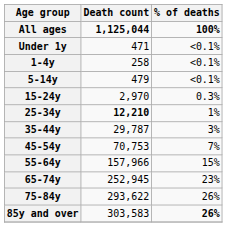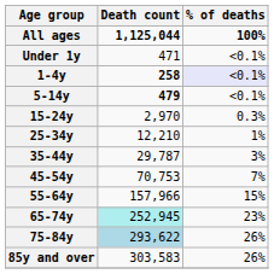 <table class="wikitable" style="text-align:right; font-size:90%">
 <tr>
 <th>Age group</th>
 <th>Death count</th>
 <th>% of deaths</th>
 </tr>
 <tr style="font-weight:bold;">
 <th>All ages</th>
 <td>1,125,044</td>
 <td>100%</td>
 </tr>
 <tr>
 <th>Under 1y</th>
 <td>471</td>
 <td><0.1%</td>
 </tr>
 <tr>
 <th>1-4y</th>
-<td>258</td>
-<td><0.1%</td>
+<td><strong>258</strong></td>
+<td style="background: lavender;"><0.1%</td>
 </tr>
 <tr>
 <th>5-14y</th>
-<td>479</td>
+<td><strong>479</strong></td>
 <td><0.1%</td>
 </tr>
 <tr>
 <th>15-24y</th>
 <td>2,970</td>
 <td>0.3%</td>
 </tr>
 <tr>
 <th>25-34y</th>
-<td><strong>12,210</strong></td>
+<td>12,210</td>
 <td>1%</td>
 </tr>
 <tr>
 <th>35-44y</th>
 <td>29,787</td>
 <td>3%</td>
 </tr>
 <tr>
 <th>45-54y</th>
 <td>70,753</td>
 <td>7%</td>
 </tr>
 <tr>
 <th>55-64y</th>
 <td>157,966</td>
 <td>15%</td>
 </tr>
 <tr>
 <th>65-74y</th>
-<td>252,945</td>
+<td style="background: paleturquoise;">252,945</td>
 <td>23%</td>
 </tr>
 <tr>
 <th>75-84y</th>
-<td>293,622</td>
+<td style="background: lightblue;">293,622</td>
 <td>26%</td>
 </tr>
 <tr>
 <th>85y and over</th>
 <td>303,583</td>
-<td><strong>26%</strong></td>
+<td>26%</td>
 </tr>
 <tr>
 </tr>
 </table>
